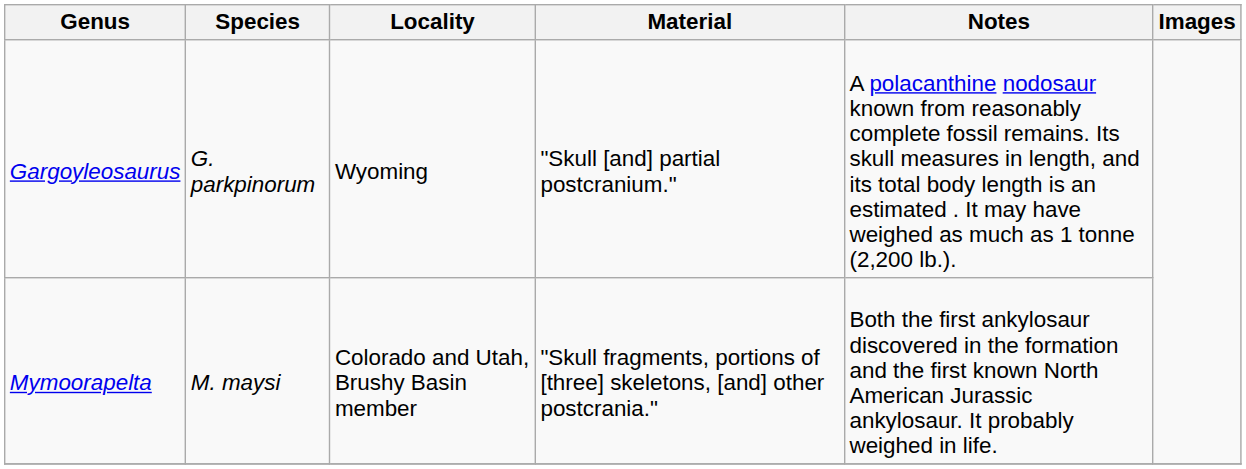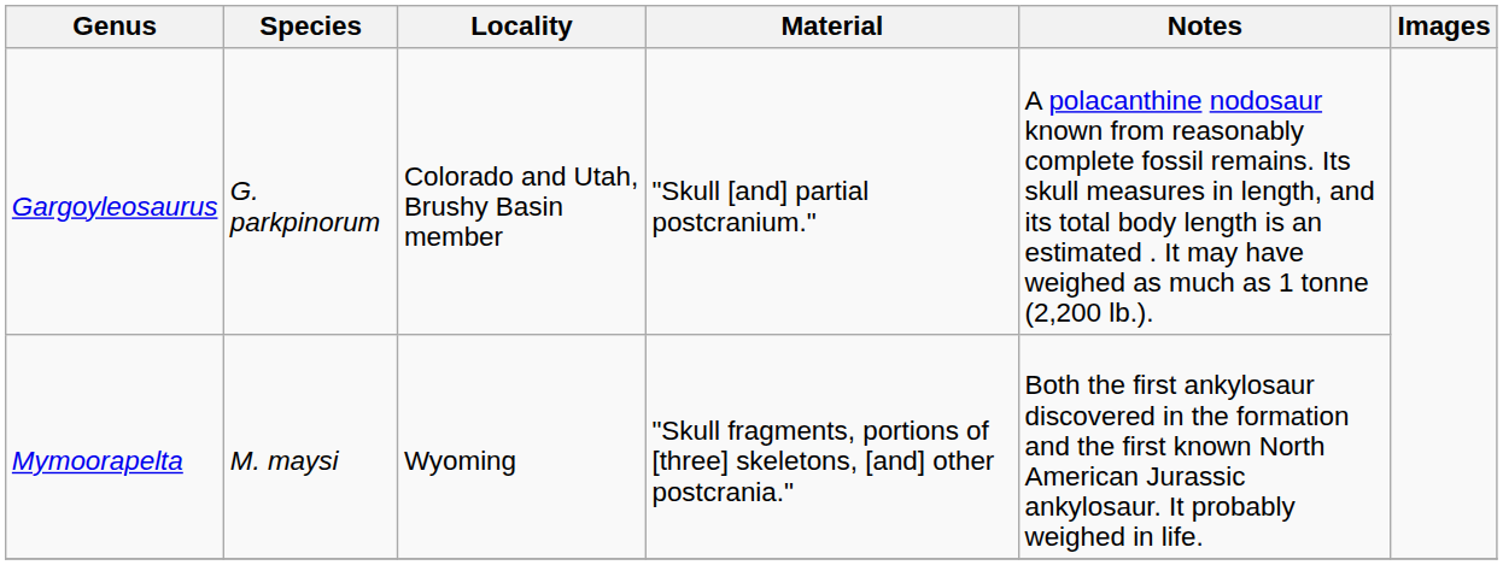 <table class="wikitable" align="center" width="100%">
 <tr>
 <th>Genus</th>
 <th>Species</th>
 <th>Locality</th>
 <th width="25%">Material</th>
 <th width="25%">Notes</th>
 <th>Images</th>
 </tr>
 <tr>
 <td><br><em><a href='#'>Gargoyleosaurus</a></em></td>
 <td><br><em>G. parkpinorum</em></td>
-<td><br>Wyoming</td>
+<td><br>Colorado and Utah, Brushy Basin member </td>
 <td><br>"Skull [and] partial postcranium."</td>
 <td><br>A <a href='#'>polacanthine</a> <a href='#'>nodosaur</a> known from reasonably complete fossil remains. Its skull measures  in length, and its total body length is an estimated . It may have weighed as much as 1 tonne (2,200 lb.).</td>
 <td rowspan = 2><br> </td>
 </tr>
 <tr>
 <td><br><em><a href='#'>Mymoorapelta</a></em></td>
 <td><br><em>M. maysi</em></td>
-<td><br>Colorado and Utah, Brushy Basin member </td>
+<td><br>Wyoming</td>
 <td><br>"Skull fragments, portions of [three] skeletons, [and] other postcrania."</td>
 <td><br>Both the first ankylosaur discovered in the formation and the first known North American Jurassic ankylosaur. It probably weighed  in life.</td>
 </tr>
 <tr>
 </tr>
 </table>
